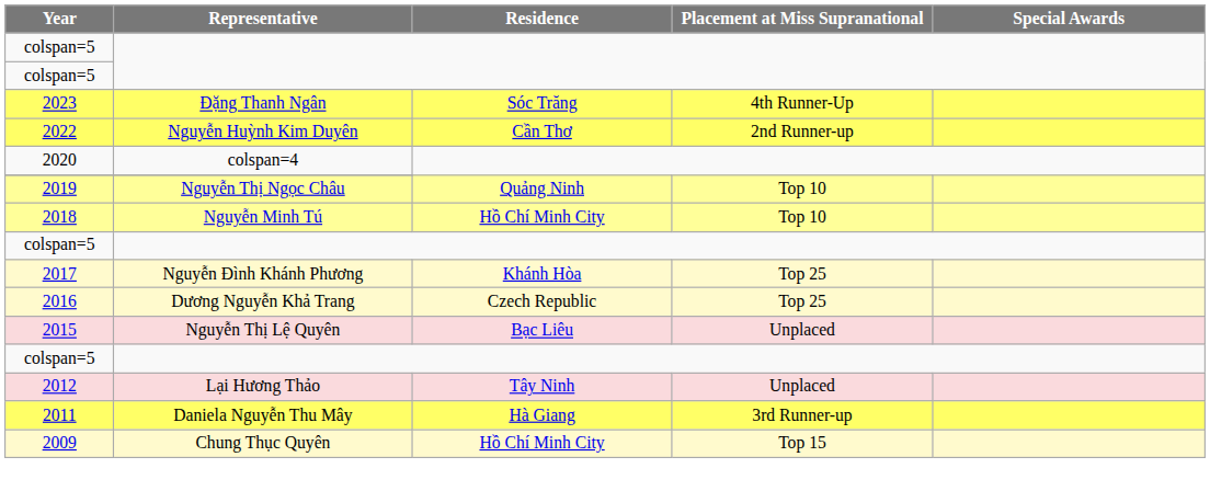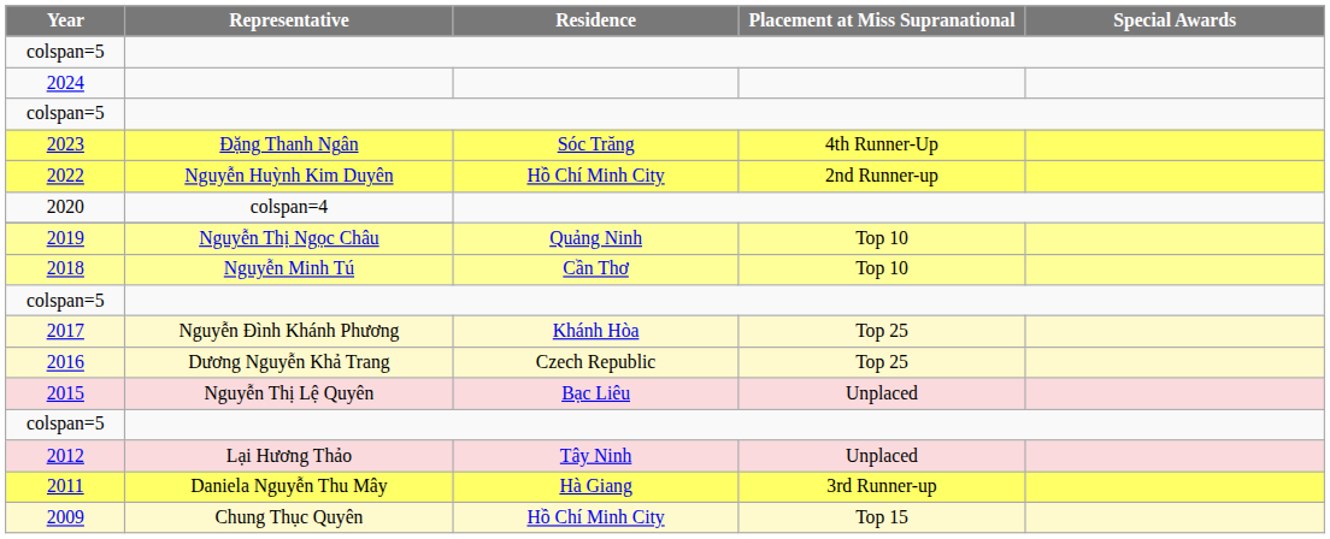 <table class="wikitable sortable" style="font-size: 85%; text-align:center">
 <tr>
 <th width="80" style="background-color:#787878;color:#FFFFFF;">Year</th>
 <th width="230" style="background-color:#787878;color:#FFFFFF;">Representative</th>
 <th width="200" style="background-color:#787878;color:#FFFFFF;">Residence</th>
 <th width="200" style="background-color:#787878;color:#FFFFFF;">Placement at Miss Supranational</th>
 <th width="210" style="background-color:#787878;color:#FFFFFF;">Special Awards</th>
 </tr>
 <tr>
 <td>colspan=5 </td>
+</tr>
+<tr>
+<td> <a href='#'>2024</a></td>
+<td></td>
+<td></td>
+<td></td>
+<td></td>
 </tr>
 <tr>
 <td>colspan=5 </td>
 </tr>
 <tr style="background-color:#FFFF66; : bold">
 <td> <a href='#'>2023</a></td>
 <td><a href='#'>Đặng Thanh Ngân</a></td>
 <td><a href='#'>Sóc Trăng</a></td>
 <td>4th Runner-Up</td>
 <td style="background:;"></td>
 </tr>
 <tr style="background-color:#FFFF66; : bold">
 <td> <a href='#'>2022</a></td>
 <td><a href='#'>Nguyễn Huỳnh Kim Duyên</a></td>
-<td><a href='#'>Cần Thơ</a></td>
+<td><a href='#'>Hồ Chí Minh City</a></td>
 <td>2nd Runner-up</td>
 <td style="background:;"></td>
 </tr>
 <tr>
 <td>2020</td>
 <td>colspan=4 </td>
 </tr>
 <tr>
 </tr>
 <tr style="background-color:#FFFF99; : bold">
 <td> <a href='#'>2019</a></td>
 <td><a href='#'>Nguyễn Thị Ngọc Châu</a></td>
 <td><a href='#'>Quảng Ninh</a></td>
 <td>Top 10</td>
 <td style="background:;"></td>
 </tr>
 <tr style="background-color:#FFFF99; : bold">
 <td> <a href='#'>2018</a></td>
 <td><a href='#'>Nguyễn Minh Tú</a></td>
-<td><a href='#'>Hồ Chí Minh City</a></td>
+<td><a href='#'>Cần Thơ</a></td>
 <td>Top 10</td>
 <td style="background:;"></td>
 </tr>
 <tr>
 <td>colspan=5 </td>
 </tr>
 <tr style="background-color:#FFFACD; : bold">
 <td> <a href='#'>2017</a></td>
 <td>Nguyễn Đình Khánh Phương</td>
 <td><a href='#'>Khánh Hòa</a></td>
 <td>Top 25</td>
 <td style="background:;"></td>
 </tr>
 <tr style="background-color:#FFFACD; : bold">
 <td> <a href='#'>2016</a></td>
 <td>Dương Nguyễn Khả Trang</td>
 <td>Czech Republic</td>
 <td>Top 25</td>
 <td style="background:;"></td>
 </tr>
 <tr style="background-color:#FADADD;">
 <td> <a href='#'>2015</a></td>
 <td>Nguyễn Thị Lệ Quyên</td>
 <td><a href='#'>Bạc Liêu</a></td>
 <td>Unplaced</td>
 <td style="background:;"></td>
 </tr>
 <tr>
 <td>colspan=5 </td>
 </tr>
 <tr style="background-color:#FADADD;">
 <td> <a href='#'>2012</a></td>
 <td>Lại Hương Thảo</td>
 <td><a href='#'>Tây Ninh</a></td>
 <td>Unplaced</td>
 <td style="background:;"></td>
 </tr>
 <tr style="background-color:#FFFF66; : bold">
 <td> <a href='#'>2011</a></td>
 <td>Daniela Nguyễn Thu Mây</td>
 <td><a href='#'>Hà Giang</a></td>
 <td>3rd Runner-up</td>
 <td style="background:;"></td>
 </tr>
 <tr style="background-color:#FFFACD; : bold">
 <td> <a href='#'>2009</a></td>
 <td>Chung Thục Quyên</td>
 <td><a href='#'>Hồ Chí Minh City</a></td>
 <td>Top 15</td>
 <td style="background:;"></td>
 </tr>
 </table>
